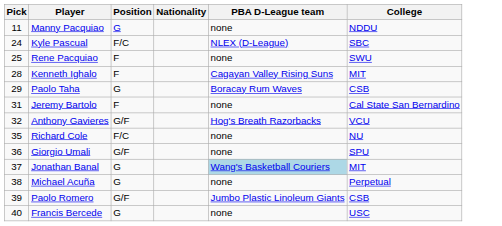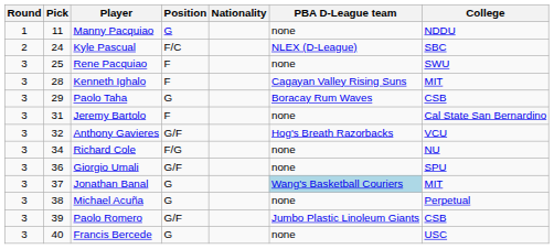 <table class="wikitable sortable sortable">
 <tr>
+<th>Round</th>
 <th>Pick</th>
 <th>Player</th>
 <th>Position</th>
 <th>Nationality</th>
 <th>PBA D-League team</th>
 <th>College</th>
 </tr>
 <tr>
+<td align=center>1</td>
 <td align=center>11</td>
 <td><a href='#'>Manny Pacquiao</a></td>
 <td><a href='#'>G</a></td>
 <td></td>
 <td>none</td>
 <td><a href='#'>NDDU</a></td>
 </tr>
 <tr>
+<td align=center>2</td>
 <td align=center>24</td>
 <td><a href='#'>Kyle Pascual</a></td>
 <td>F/C</td>
 <td></td>
 <td><a href='#'>NLEX (D-League)</a></td>
 <td><a href='#'>SBC</a></td>
 </tr>
 <tr>
+<td align=center>3</td>
 <td align=center>25</td>
 <td><a href='#'>Rene Pacquiao</a></td>
 <td>F</td>
 <td></td>
 <td>none</td>
 <td><a href='#'>SWU</a></td>
 </tr>
 <tr>
+<td align=center>3</td>
 <td align=center>28</td>
 <td><a href='#'>Kenneth Ighalo</a></td>
 <td>F</td>
 <td></td>
 <td><a href='#'>Cagayan Valley Rising Suns</a></td>
 <td><a href='#'>MIT</a></td>
 </tr>
 <tr>
+<td align=center>3</td>
 <td align=center>29</td>
 <td><a href='#'>Paolo Taha</a></td>
 <td>G</td>
 <td></td>
 <td><a href='#'>Boracay Rum Waves</a></td>
 <td><a href='#'>CSB</a></td>
 </tr>
 <tr>
+<td align=center>3</td>
 <td align=center>31</td>
 <td><a href='#'>Jeremy Bartolo</a></td>
 <td>F</td>
 <td></td>
 <td>none</td>
 <td><a href='#'>Cal State San Bernardino</a></td>
 </tr>
 <tr>
+<td align=center>3</td>
 <td align=center>32</td>
 <td><a href='#'>Anthony Gavieres</a></td>
 <td>G/F</td>
 <td></td>
 <td><a href='#'>Hog's Breath Razorbacks</a></td>
 <td><a href='#'>VCU</a></td>
 </tr>
 <tr>
-<td align=center>35</td>
+<td align=center>3</td>
+<td align=center>34</td>
 <td><a href='#'>Richard Cole</a></td>
-<td>F/C</td>
+<td>F/G</td>
 <td></td>
 <td>none</td>
 <td><a href='#'>NU</a></td>
 </tr>
 <tr>
+<td align=center>3</td>
 <td align=center>36</td>
 <td><a href='#'>Giorgio Umali</a></td>
 <td>G/F</td>
 <td></td>
 <td>none</td>
 <td><a href='#'>SPU</a></td>
 </tr>
 <tr>
+<td align=center>3</td>
 <td align=center>37</td>
 <td><a href='#'>Jonathan Banal</a></td>
 <td>G</td>
 <td></td>
 <td style="background: lightblue;"><a href='#'>Wang's Basketball Couriers</a></td>
 <td><a href='#'>MIT</a></td>
 </tr>
 <tr>
+<td align=center>3</td>
 <td align=center>38</td>
 <td><a href='#'>Michael Acuña</a></td>
 <td>G</td>
 <td></td>
 <td>none</td>
 <td><a href='#'>Perpetual</a></td>
 </tr>
 <tr>
+<td align=center>3</td>
 <td align=center>39</td>
 <td><a href='#'>Paolo Romero</a></td>
 <td>G/F</td>
 <td></td>
 <td><a href='#'>Jumbo Plastic Linoleum Giants</a></td>
 <td><a href='#'>CSB</a></td>
 </tr>
 <tr>
+<td align=center>3</td>
 <td align=center>40</td>
 <td><a href='#'>Francis Bercede</a></td>
 <td>G</td>
 <td></td>
 <td>none</td>
 <td><a href='#'>USC</a></td>
 </tr>
 </table>
